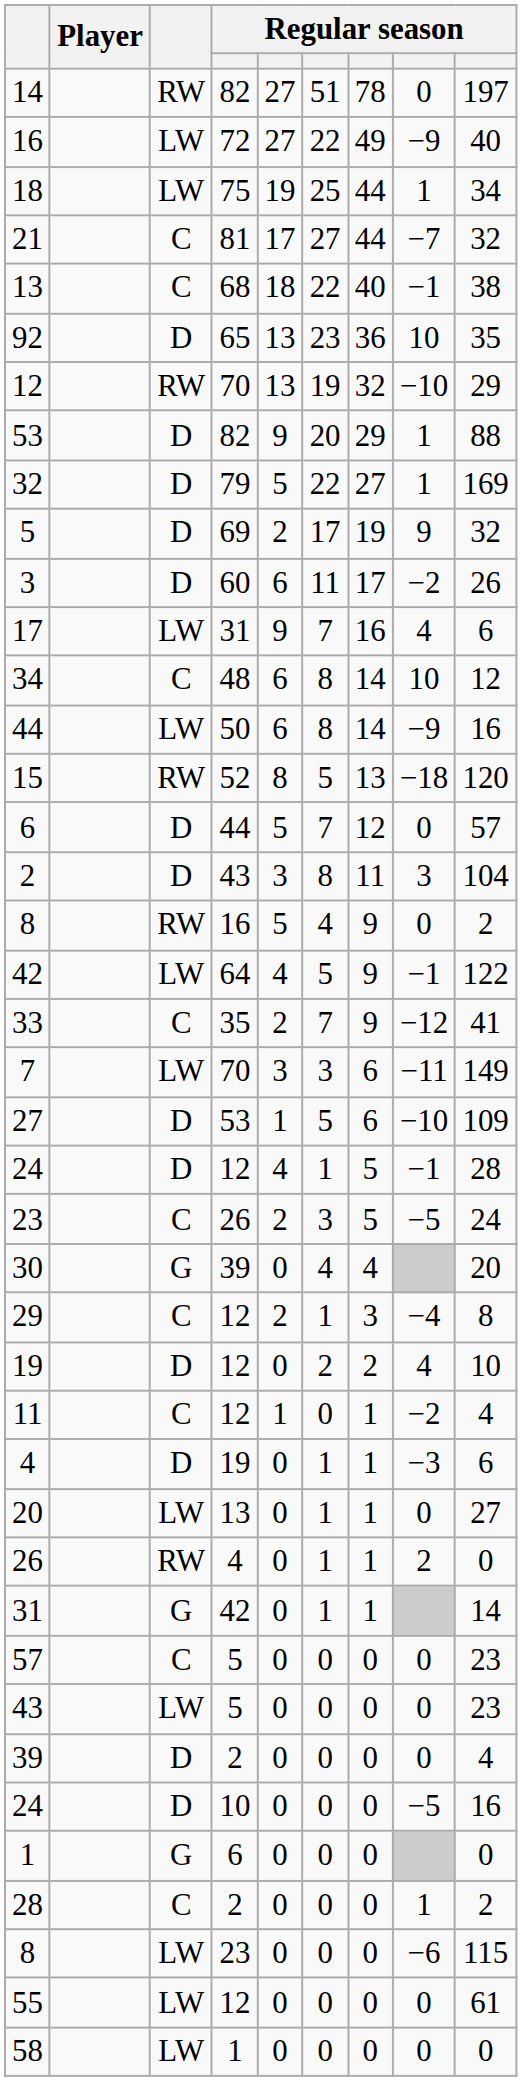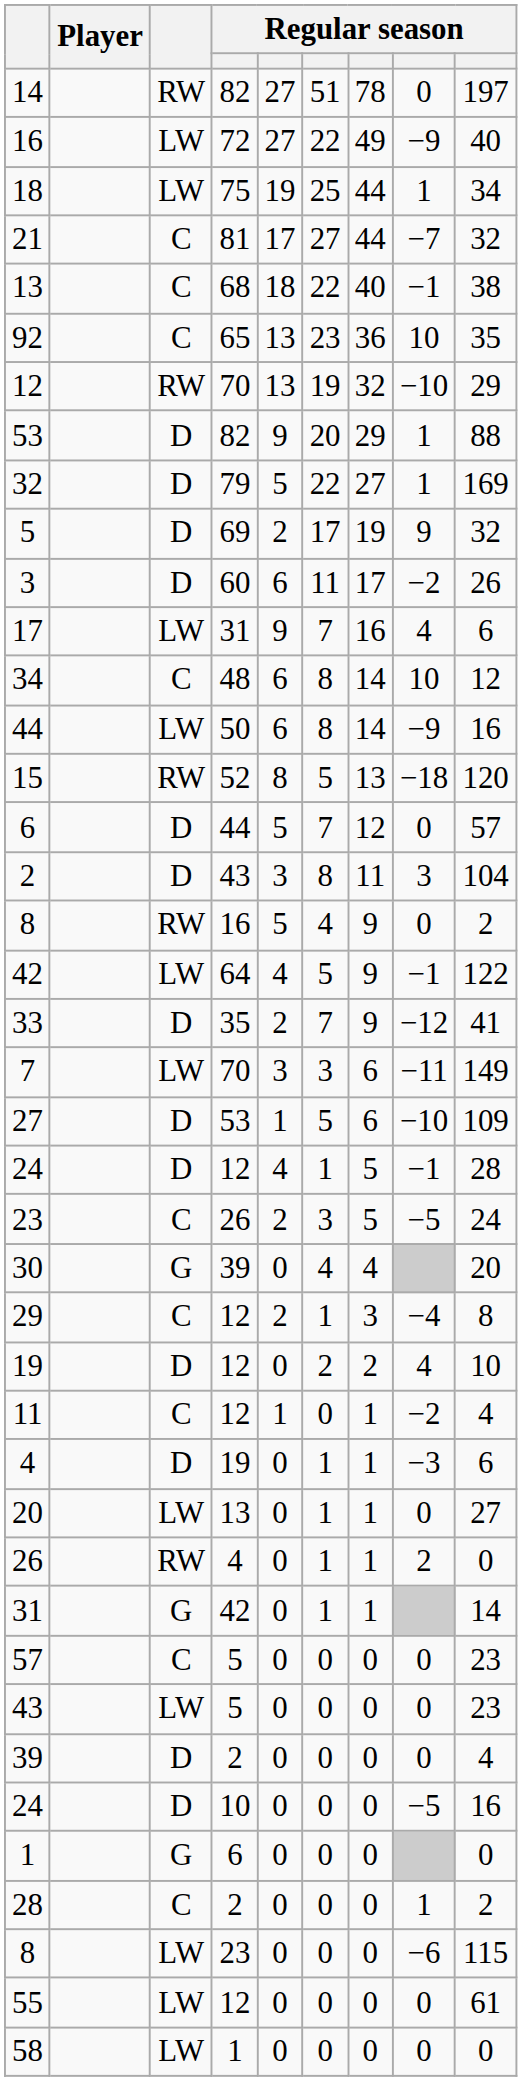 <table class="wikitable sortable plainrowheaders" style="text-align:center;">
 <tr>
 <th scope="col" data-sort-type="number" rowspan="2"></th>
 <th scope="col" rowspan="2">Player</th>
 <th scope="col" rowspan="2"></th>
 <th scope=colgroup colspan=6>Regular season</th>
 </tr>
 <tr>
 <th scope="col" data-sort-type="number"></th>
 <th scope="col" data-sort-type="number"></th>
 <th scope="col" data-sort-type="number"></th>
 <th scope="col" data-sort-type="number"></th>
 <th scope="col" data-sort-type="number"></th>
 <th scope="col" data-sort-type="number"></th>
 </tr>
 <tr>
 <td scope="row">14</td>
 <td align="left"></td>
 <td>RW</td>
 <td>82</td>
 <td>27</td>
 <td>51</td>
 <td>78</td>
 <td>0</td>
 <td>197</td>
 </tr>
 <tr>
 <td scope="row">16</td>
 <td align="left"></td>
 <td>LW</td>
 <td>72</td>
 <td>27</td>
 <td>22</td>
 <td>49</td>
 <td>−9</td>
 <td>40</td>
 </tr>
 <tr>
 <td scope="row">18</td>
 <td align="left"></td>
 <td>LW</td>
 <td>75</td>
 <td>19</td>
 <td>25</td>
 <td>44</td>
 <td>1</td>
 <td>34</td>
 </tr>
 <tr>
 <td scope="row">21</td>
 <td align="left"></td>
 <td>C</td>
 <td>81</td>
 <td>17</td>
 <td>27</td>
 <td>44</td>
 <td>−7</td>
 <td>32</td>
 </tr>
 <tr>
 <td scope="row">13</td>
 <td align="left"></td>
 <td>C</td>
 <td>68</td>
 <td>18</td>
 <td>22</td>
 <td>40</td>
 <td>−1</td>
 <td>38</td>
 </tr>
 <tr>
 <td scope="row">92</td>
 <td align="left"></td>
-<td>D</td>
+<td>C</td>
 <td>65</td>
 <td>13</td>
 <td>23</td>
 <td>36</td>
 <td>10</td>
 <td>35</td>
 </tr>
 <tr>
 <td scope="row">12</td>
 <td align="left"></td>
 <td>RW</td>
 <td>70</td>
 <td>13</td>
 <td>19</td>
 <td>32</td>
 <td>−10</td>
 <td>29</td>
 </tr>
 <tr>
 <td scope="row">53</td>
 <td align="left"></td>
 <td>D</td>
 <td>82</td>
 <td>9</td>
 <td>20</td>
 <td>29</td>
 <td>1</td>
 <td>88</td>
 </tr>
 <tr>
 <td scope="row">32</td>
 <td align="left"></td>
 <td>D</td>
 <td>79</td>
 <td>5</td>
 <td>22</td>
 <td>27</td>
 <td>1</td>
 <td>169</td>
 </tr>
 <tr>
 <td scope="row">5</td>
 <td align="left"></td>
 <td>D</td>
 <td>69</td>
 <td>2</td>
 <td>17</td>
 <td>19</td>
 <td>9</td>
 <td>32</td>
 </tr>
 <tr>
 <td scope="row">3</td>
 <td align="left"></td>
 <td>D</td>
 <td>60</td>
 <td>6</td>
 <td>11</td>
 <td>17</td>
 <td>−2</td>
 <td>26</td>
 </tr>
 <tr>
 <td scope="row">17</td>
 <td align="left"></td>
 <td>LW</td>
 <td>31</td>
 <td>9</td>
 <td>7</td>
 <td>16</td>
 <td>4</td>
 <td>6</td>
 </tr>
 <tr>
 <td scope="row">34</td>
 <td align="left"></td>
 <td>C</td>
 <td>48</td>
 <td>6</td>
 <td>8</td>
 <td>14</td>
 <td>10</td>
 <td>12</td>
 </tr>
 <tr>
 <td scope="row">44</td>
 <td align="left"></td>
 <td>LW</td>
 <td>50</td>
 <td>6</td>
 <td>8</td>
 <td>14</td>
 <td>−9</td>
 <td>16</td>
 </tr>
 <tr>
 <td scope="row">15</td>
 <td align="left"></td>
 <td>RW</td>
 <td>52</td>
 <td>8</td>
 <td>5</td>
 <td>13</td>
 <td>−18</td>
 <td>120</td>
 </tr>
 <tr>
 <td scope="row">6</td>
 <td align="left"></td>
 <td>D</td>
 <td>44</td>
 <td>5</td>
 <td>7</td>
 <td>12</td>
 <td>0</td>
 <td>57</td>
 </tr>
 <tr>
 <td scope="row">2</td>
 <td align="left"></td>
 <td>D</td>
 <td>43</td>
 <td>3</td>
 <td>8</td>
 <td>11</td>
 <td>3</td>
 <td>104</td>
 </tr>
 <tr>
 <td scope="row">8</td>
 <td align="left"></td>
 <td>RW</td>
 <td>16</td>
 <td>5</td>
 <td>4</td>
 <td>9</td>
 <td>0</td>
 <td>2</td>
 </tr>
 <tr>
 <td scope="row">42</td>
 <td align="left"></td>
 <td>LW</td>
 <td>64</td>
 <td>4</td>
 <td>5</td>
 <td>9</td>
 <td>−1</td>
 <td>122</td>
 </tr>
 <tr>
 <td scope="row">33</td>
 <td align="left"></td>
-<td>C</td>
+<td>D</td>
 <td>35</td>
 <td>2</td>
 <td>7</td>
 <td>9</td>
 <td>−12</td>
 <td>41</td>
 </tr>
 <tr>
 <td scope="row">7</td>
 <td align="left"></td>
 <td>LW</td>
 <td>70</td>
 <td>3</td>
 <td>3</td>
 <td>6</td>
 <td>−11</td>
 <td>149</td>
 </tr>
 <tr>
 <td scope="row">27</td>
 <td align="left"></td>
 <td>D</td>
 <td>53</td>
 <td>1</td>
 <td>5</td>
 <td>6</td>
 <td>−10</td>
 <td>109</td>
 </tr>
 <tr>
 <td scope="row">24</td>
 <td align="left"></td>
 <td>D</td>
 <td>12</td>
 <td>4</td>
 <td>1</td>
 <td>5</td>
 <td>−1</td>
 <td>28</td>
 </tr>
 <tr>
 <td scope="row">23</td>
 <td align="left"></td>
 <td>C</td>
 <td>26</td>
 <td>2</td>
 <td>3</td>
 <td>5</td>
 <td>−5</td>
 <td>24</td>
 </tr>
 <tr>
 <td scope="row">30</td>
 <td align="left"></td>
 <td>G</td>
 <td>39</td>
 <td>0</td>
 <td>4</td>
 <td>4</td>
 <td style="background:#ccc"></td>
 <td>20</td>
 </tr>
 <tr>
 <td scope="row">29</td>
 <td align="left"></td>
 <td>C</td>
 <td>12</td>
 <td>2</td>
 <td>1</td>
 <td>3</td>
 <td>−4</td>
 <td>8</td>
 </tr>
 <tr>
 <td scope="row">19</td>
 <td align="left"></td>
 <td>D</td>
 <td>12</td>
 <td>0</td>
 <td>2</td>
 <td>2</td>
 <td>4</td>
 <td>10</td>
 </tr>
 <tr>
 <td scope="row">11</td>
 <td align="left"></td>
 <td>C</td>
 <td>12</td>
 <td>1</td>
 <td>0</td>
 <td>1</td>
 <td>−2</td>
 <td>4</td>
 </tr>
 <tr>
 <td scope="row">4</td>
 <td align="left"></td>
 <td>D</td>
 <td>19</td>
 <td>0</td>
 <td>1</td>
 <td>1</td>
 <td>−3</td>
 <td>6</td>
 </tr>
 <tr>
 <td scope="row">20</td>
 <td align="left"></td>
 <td>LW</td>
 <td>13</td>
 <td>0</td>
 <td>1</td>
 <td>1</td>
 <td>0</td>
 <td>27</td>
 </tr>
 <tr>
 <td scope="row">26</td>
 <td align="left"></td>
 <td>RW</td>
 <td>4</td>
 <td>0</td>
 <td>1</td>
 <td>1</td>
 <td>2</td>
 <td>0</td>
 </tr>
 <tr>
 <td scope="row">31</td>
 <td align="left"></td>
 <td>G</td>
 <td>42</td>
 <td>0</td>
 <td>1</td>
 <td>1</td>
 <td style="background:#ccc"></td>
 <td>14</td>
 </tr>
 <tr>
 <td scope="row">57</td>
 <td align="left"></td>
 <td>C</td>
 <td>5</td>
 <td>0</td>
 <td>0</td>
 <td>0</td>
 <td>0</td>
 <td>23</td>
 </tr>
 <tr>
 <td scope="row">43</td>
 <td align="left"></td>
 <td>LW</td>
 <td>5</td>
 <td>0</td>
 <td>0</td>
 <td>0</td>
 <td>0</td>
 <td>23</td>
 </tr>
 <tr>
 <td scope="row">39</td>
 <td align="left"></td>
 <td>D</td>
 <td>2</td>
 <td>0</td>
 <td>0</td>
 <td>0</td>
 <td>0</td>
 <td>4</td>
 </tr>
 <tr>
 <td scope="row">24</td>
 <td align="left"></td>
 <td>D</td>
 <td>10</td>
 <td>0</td>
 <td>0</td>
 <td>0</td>
 <td>−5</td>
 <td>16</td>
 </tr>
 <tr>
 <td scope="row">1</td>
 <td align="left"></td>
 <td>G</td>
 <td>6</td>
 <td>0</td>
 <td>0</td>
 <td>0</td>
 <td style="background:#ccc"></td>
 <td>0</td>
 </tr>
 <tr>
 <td scope="row">28</td>
 <td align="left"></td>
 <td>C</td>
 <td>2</td>
 <td>0</td>
 <td>0</td>
 <td>0</td>
 <td>1</td>
 <td>2</td>
 </tr>
 <tr>
 <td scope="row">8</td>
 <td align="left"></td>
 <td>LW</td>
 <td>23</td>
 <td>0</td>
 <td>0</td>
 <td>0</td>
 <td>−6</td>
 <td>115</td>
 </tr>
 <tr>
 <td scope="row">55</td>
 <td align="left"></td>
 <td>LW</td>
 <td>12</td>
 <td>0</td>
 <td>0</td>
 <td>0</td>
 <td>0</td>
 <td>61</td>
 </tr>
 <tr>
 <td scope="row">58</td>
 <td align="left"></td>
 <td>LW</td>
 <td>1</td>
 <td>0</td>
 <td>0</td>
 <td>0</td>
 <td>0</td>
 <td>0</td>
 </tr>
 </table>
